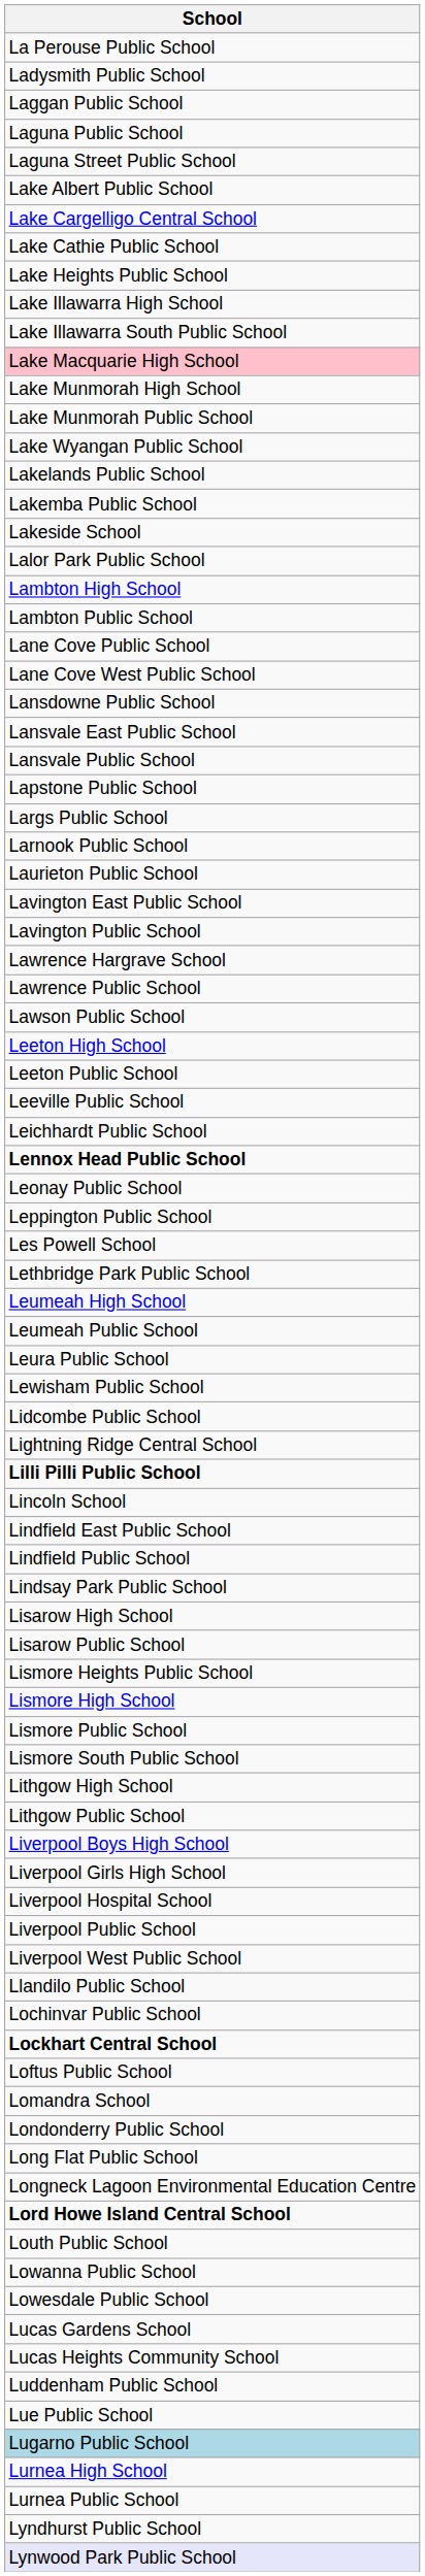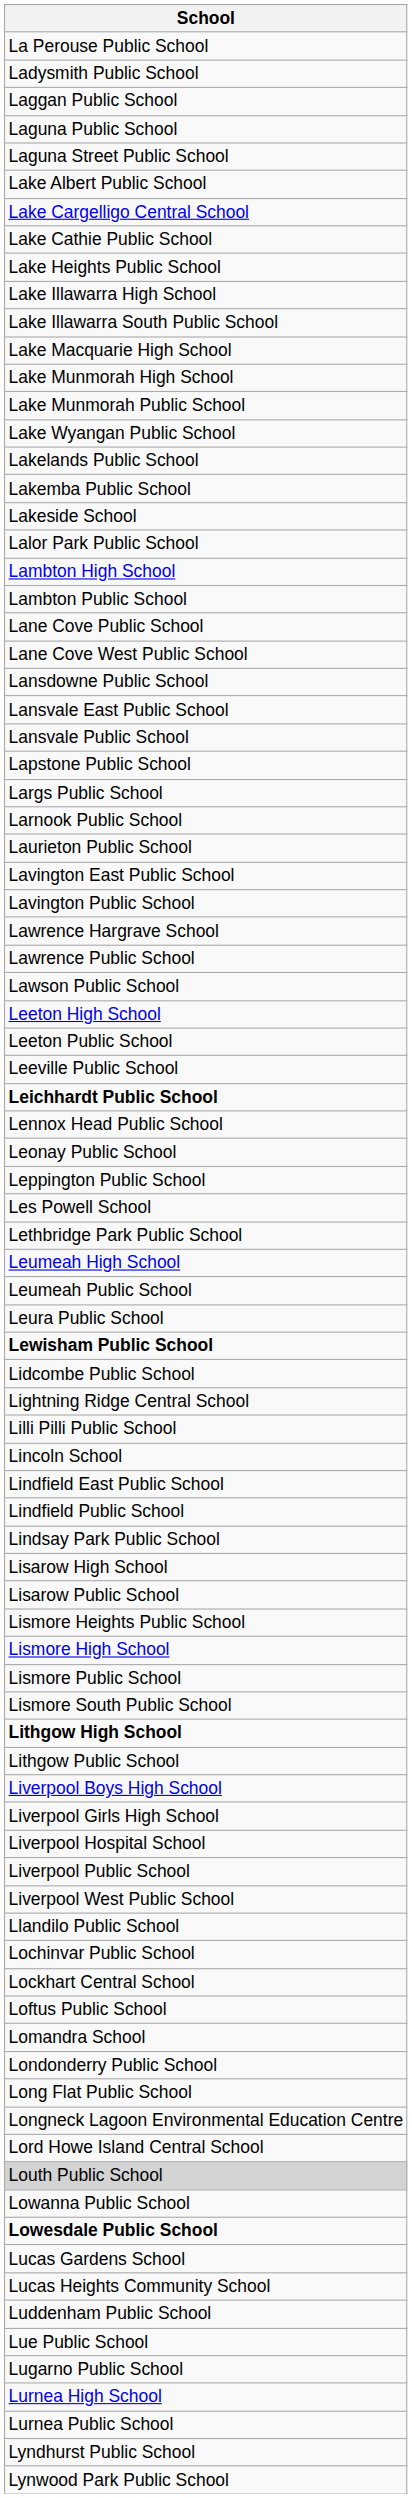 <table class="wikitable">
 <tr>
 <th>School</th>
 </tr>
 <tr>
 <td>La Perouse Public School</td>
 </tr>
 <tr>
 <td>Ladysmith Public School</td>
 </tr>
 <tr>
 <td>Laggan Public School</td>
 </tr>
 <tr>
 <td>Laguna Public School</td>
 </tr>
 <tr>
 <td>Laguna Street Public School</td>
 </tr>
 <tr>
 <td>Lake Albert Public School</td>
 </tr>
 <tr>
 <td><a href='#'>Lake Cargelligo Central School</a></td>
 </tr>
 <tr>
 <td>Lake Cathie Public School</td>
 </tr>
 <tr>
 <td>Lake Heights Public School</td>
 </tr>
 <tr>
 <td>Lake Illawarra High School</td>
 </tr>
 <tr>
 <td>Lake Illawarra South Public School</td>
 </tr>
 <tr>
-<td style="background: pink;">Lake Macquarie High School</td>
+<td>Lake Macquarie High School</td>
 </tr>
 <tr>
 <td>Lake Munmorah High School</td>
 </tr>
 <tr>
 <td>Lake Munmorah Public School</td>
 </tr>
 <tr>
 <td>Lake Wyangan Public School</td>
 </tr>
 <tr>
 <td>Lakelands Public School</td>
 </tr>
 <tr>
 <td>Lakemba Public School</td>
 </tr>
 <tr>
 <td>Lakeside School</td>
 </tr>
 <tr>
 <td>Lalor Park Public School</td>
 </tr>
 <tr>
 <td><a href='#'>Lambton High School</a></td>
 </tr>
 <tr>
 <td>Lambton Public School</td>
 </tr>
 <tr>
 <td>Lane Cove Public School</td>
 </tr>
 <tr>
 <td>Lane Cove West Public School</td>
 </tr>
 <tr>
 <td>Lansdowne Public School</td>
 </tr>
 <tr>
 <td>Lansvale East Public School</td>
 </tr>
 <tr>
 <td>Lansvale Public School</td>
 </tr>
 <tr>
 <td>Lapstone Public School</td>
 </tr>
 <tr>
 <td>Largs Public School</td>
 </tr>
 <tr>
 <td>Larnook Public School</td>
 </tr>
 <tr>
 <td>Laurieton Public School</td>
 </tr>
 <tr>
 <td>Lavington East Public School</td>
 </tr>
 <tr>
 <td>Lavington Public School</td>
 </tr>
 <tr>
 <td>Lawrence Hargrave School</td>
 </tr>
 <tr>
 <td>Lawrence Public School</td>
 </tr>
 <tr>
 <td>Lawson Public School</td>
 </tr>
 <tr>
 <td><a href='#'>Leeton High School</a></td>
 </tr>
 <tr>
 <td>Leeton Public School</td>
 </tr>
 <tr>
 <td>Leeville Public School</td>
 </tr>
 <tr>
-<td>Leichhardt Public School</td>
+<td><strong>Leichhardt Public School</strong></td>
 </tr>
 <tr>
-<td><strong>Lennox Head Public School</strong></td>
+<td>Lennox Head Public School</td>
 </tr>
 <tr>
 <td>Leonay Public School</td>
 </tr>
 <tr>
 <td>Leppington Public School</td>
 </tr>
 <tr>
 <td>Les Powell School</td>
 </tr>
 <tr>
 <td>Lethbridge Park Public School</td>
 </tr>
 <tr>
 <td><a href='#'>Leumeah High School</a></td>
 </tr>
 <tr>
 <td>Leumeah Public School</td>
 </tr>
 <tr>
 <td>Leura Public School</td>
 </tr>
 <tr>
-<td>Lewisham Public School</td>
+<td><strong>Lewisham Public School</strong></td>
 </tr>
 <tr>
 <td>Lidcombe Public School</td>
 </tr>
 <tr>
 <td>Lightning Ridge Central School</td>
 </tr>
 <tr>
-<td><strong>Lilli Pilli Public School</strong></td>
+<td>Lilli Pilli Public School</td>
 </tr>
 <tr>
 <td>Lincoln School</td>
 </tr>
 <tr>
 <td>Lindfield East Public School</td>
 </tr>
 <tr>
 <td>Lindfield Public School</td>
 </tr>
 <tr>
 <td>Lindsay Park Public School</td>
 </tr>
 <tr>
 <td>Lisarow High School</td>
 </tr>
 <tr>
 <td>Lisarow Public School</td>
 </tr>
 <tr>
 <td>Lismore Heights Public School</td>
 </tr>
 <tr>
 <td><a href='#'>Lismore High School</a></td>
 </tr>
 <tr>
 <td>Lismore Public School</td>
 </tr>
 <tr>
 <td>Lismore South Public School</td>
 </tr>
 <tr>
-<td>Lithgow High School</td>
+<td><strong>Lithgow High School</strong></td>
 </tr>
 <tr>
 <td>Lithgow Public School</td>
 </tr>
 <tr>
 <td><a href='#'>Liverpool Boys High School</a></td>
 </tr>
 <tr>
 <td>Liverpool Girls High School</td>
 </tr>
 <tr>
 <td>Liverpool Hospital School</td>
 </tr>
 <tr>
 <td>Liverpool Public School</td>
 </tr>
 <tr>
 <td>Liverpool West Public School</td>
 </tr>
 <tr>
 <td>Llandilo Public School</td>
 </tr>
 <tr>
 <td>Lochinvar Public School</td>
 </tr>
 <tr>
-<td><strong>Lockhart Central School</strong></td>
+<td>Lockhart Central School</td>
 </tr>
 <tr>
 <td>Loftus Public School</td>
 </tr>
 <tr>
 <td>Lomandra School</td>
 </tr>
 <tr>
 <td>Londonderry Public School</td>
 </tr>
 <tr>
 <td>Long Flat Public School</td>
 </tr>
 <tr>
 <td>Longneck Lagoon Environmental Education Centre</td>
 </tr>
 <tr>
-<td><strong>Lord Howe Island Central School</strong></td>
+<td>Lord Howe Island Central School</td>
 </tr>
 <tr>
-<td>Louth Public School</td>
+<td style="background: lightgrey;">Louth Public School</td>
 </tr>
 <tr>
 <td>Lowanna Public School</td>
 </tr>
 <tr>
-<td>Lowesdale Public School</td>
+<td><strong>Lowesdale Public School</strong></td>
 </tr>
 <tr>
 <td>Lucas Gardens School</td>
 </tr>
 <tr>
 <td>Lucas Heights Community School</td>
 </tr>
 <tr>
 <td>Luddenham Public School</td>
 </tr>
 <tr>
 <td>Lue Public School</td>
 </tr>
 <tr>
-<td style="background: lightblue;">Lugarno Public School</td>
+<td>Lugarno Public School</td>
 </tr>
 <tr>
 <td><a href='#'>Lurnea High School</a></td>
 </tr>
 <tr>
 <td>Lurnea Public School</td>
 </tr>
 <tr>
 <td>Lyndhurst Public School</td>
 </tr>
 <tr>
-<td style="background: lavender;">Lynwood Park Public School</td>
+<td>Lynwood Park Public School</td>
 </tr>
 </table>
